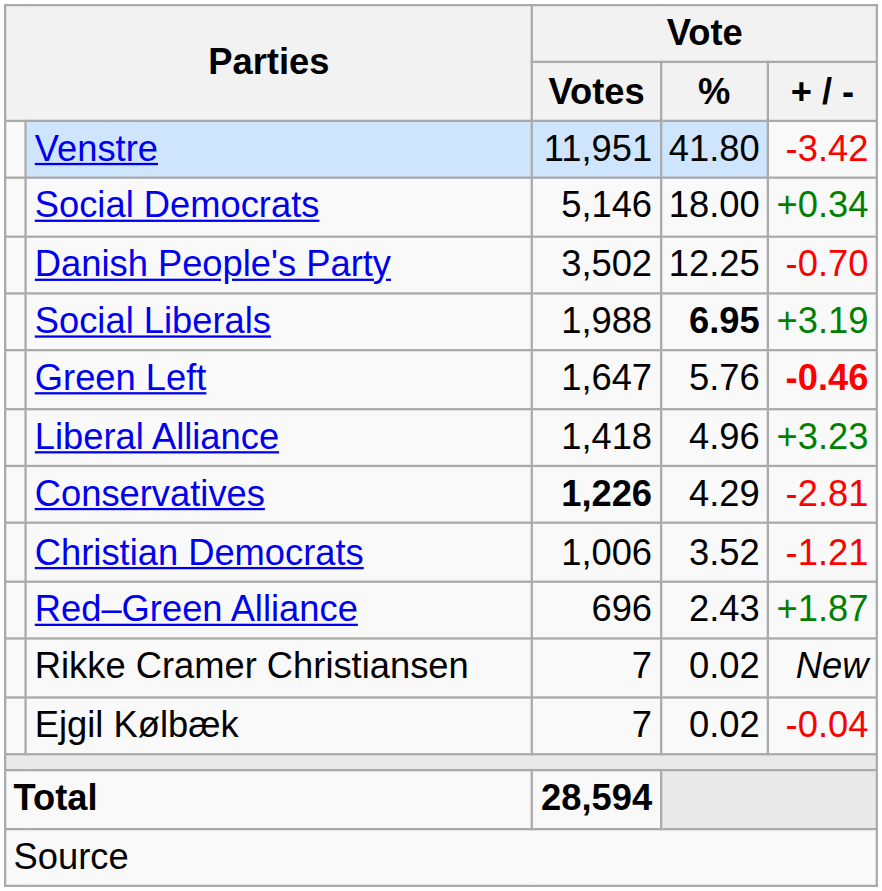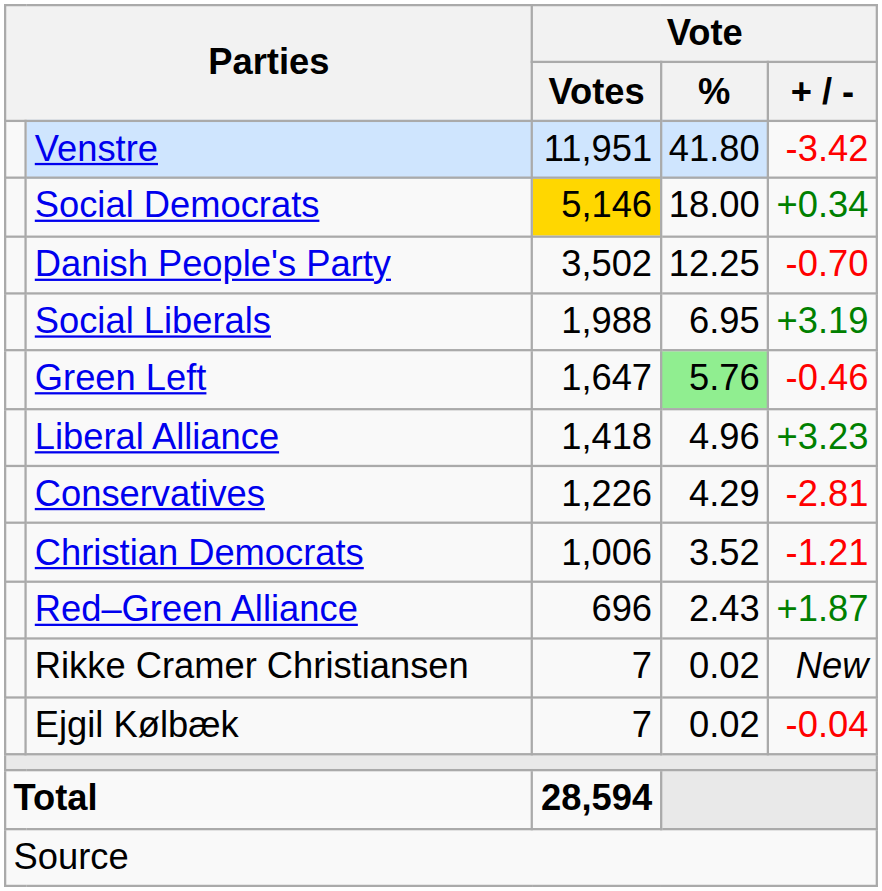 <table class="wikitable" style="text-align:right;">
 <tr>
 <th style="text-align:centre;" rowspan="2" colspan="2" width="225">Parties</th>
 <th colspan="3">Vote</th>
 </tr>
 <tr>
 <th width="15">Votes</th>
 <th width="15">%</th>
 <th width="15">+ / -</th>
 </tr>
 <tr>
 <td width="2" style="color:inherit;background:"></td>
 <td bgcolor=#cfe5fe  align="left"><a href='#'>Venstre</a></td>
 <td bgcolor=#cfe5fe>11,951</td>
 <td bgcolor=#cfe5fe>41.80</td>
 <td style=color:red;>-3.42</td>
 </tr>
 <tr>
 <td width="2" style="color:inherit;background:"></td>
 <td align="left"><a href='#'>Social Democrats</a></td>
-<td>5,146</td>
+<td style="background: gold;">5,146</td>
 <td>18.00</td>
 <td style=color:green;>+0.34</td>
 </tr>
 <tr>
 <td width="2" style="color:inherit;background:"></td>
 <td align="left"><a href='#'>Danish People's Party</a></td>
 <td>3,502</td>
 <td>12.25</td>
 <td style=color:red;>-0.70</td>
 </tr>
 <tr>
 <td width="2" style="color:inherit;background:"></td>
 <td align="left"><a href='#'>Social Liberals</a></td>
 <td>1,988</td>
-<td><strong>6.95</strong></td>
+<td>6.95</td>
 <td style=color:green;>+3.19</td>
 </tr>
 <tr>
 <td width="2" style="color:inherit;background:"></td>
 <td align="left"><a href='#'>Green Left</a></td>
 <td>1,647</td>
-<td>5.76</td>
-<td style=color:red;><strong>-0.46</strong></td>
+<td style="background: lightgreen;">5.76</td>
+<td style=color:red;>-0.46</td>
 </tr>
 <tr>
 <td width="2" style="color:inherit;background:"></td>
 <td align="left"><a href='#'>Liberal Alliance</a></td>
 <td>1,418</td>
 <td>4.96</td>
 <td style=color:green;>+3.23</td>
 </tr>
 <tr>
 <td width="2" style="color:inherit;background:"></td>
 <td align="left"><a href='#'>Conservatives</a></td>
-<td><strong>1,226</strong></td>
+<td>1,226</td>
 <td>4.29</td>
 <td style=color:red;>-2.81</td>
 </tr>
 <tr>
 <td width="2" style="color:inherit;background:"></td>
 <td align="left"><a href='#'>Christian Democrats</a></td>
 <td>1,006</td>
 <td>3.52</td>
 <td style=color:red;>-1.21</td>
 </tr>
 <tr>
 <td width="2" style="color:inherit;background:"></td>
 <td align="left"><a href='#'>Red–Green Alliance</a></td>
 <td>696</td>
 <td>2.43</td>
 <td style=color:green;>+1.87</td>
 </tr>
 <tr>
 <td width="2" style="color:inherit;background:"></td>
 <td align="left">Rikke Cramer Christiansen</td>
 <td>7</td>
 <td>0.02</td>
 <td><em>New</em></td>
 </tr>
 <tr>
 <td width="2" style="color:inherit;background:"></td>
 <td align="left">Ejgil Kølbæk</td>
 <td>7</td>
 <td>0.02</td>
 <td style=color:red;>-0.04</td>
 </tr>
 <tr>
 <td colspan="7" bgcolor="#E9E9E9"></td>
 </tr>
 <tr>
 <td align="left" colspan="2"><strong>Total</strong></td>
 <td><strong>28,594</strong></td>
 <td bgcolor="#E9E9E9" colspan="2"></td>
 </tr>
 <tr>
 <td align="left" colspan="6">Source</td>
 </tr>
 </table>
